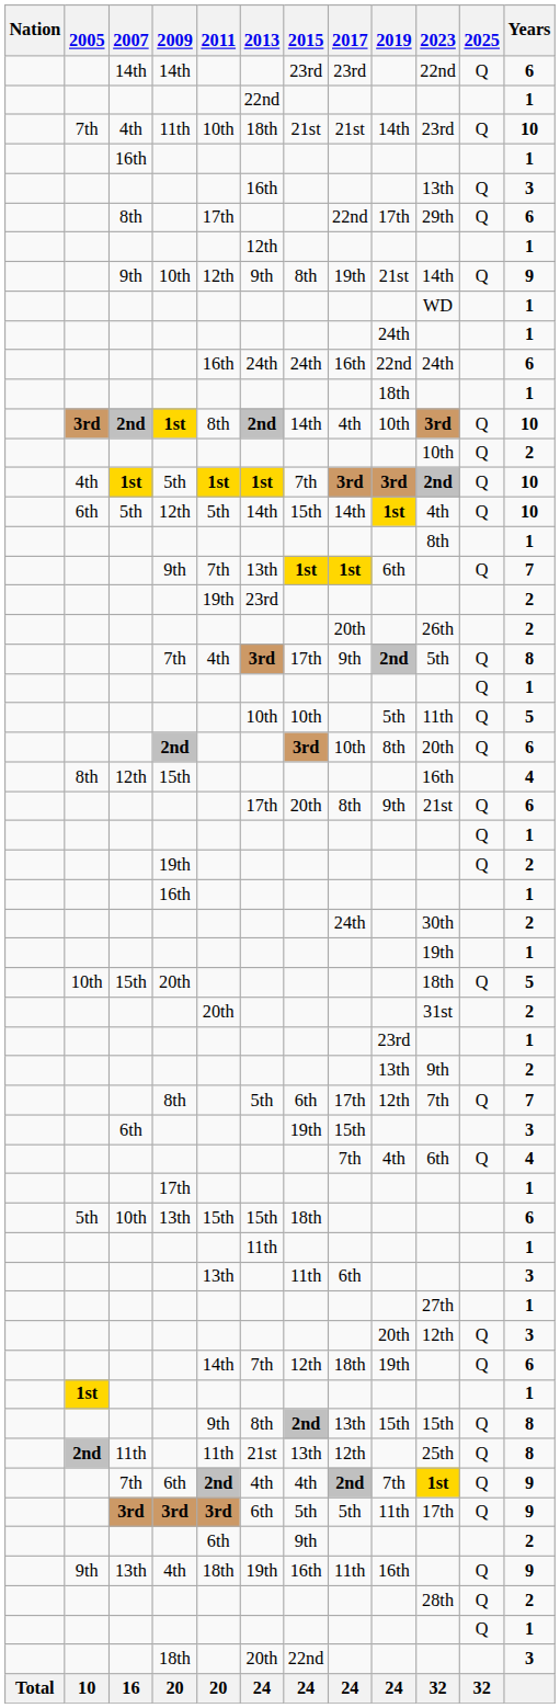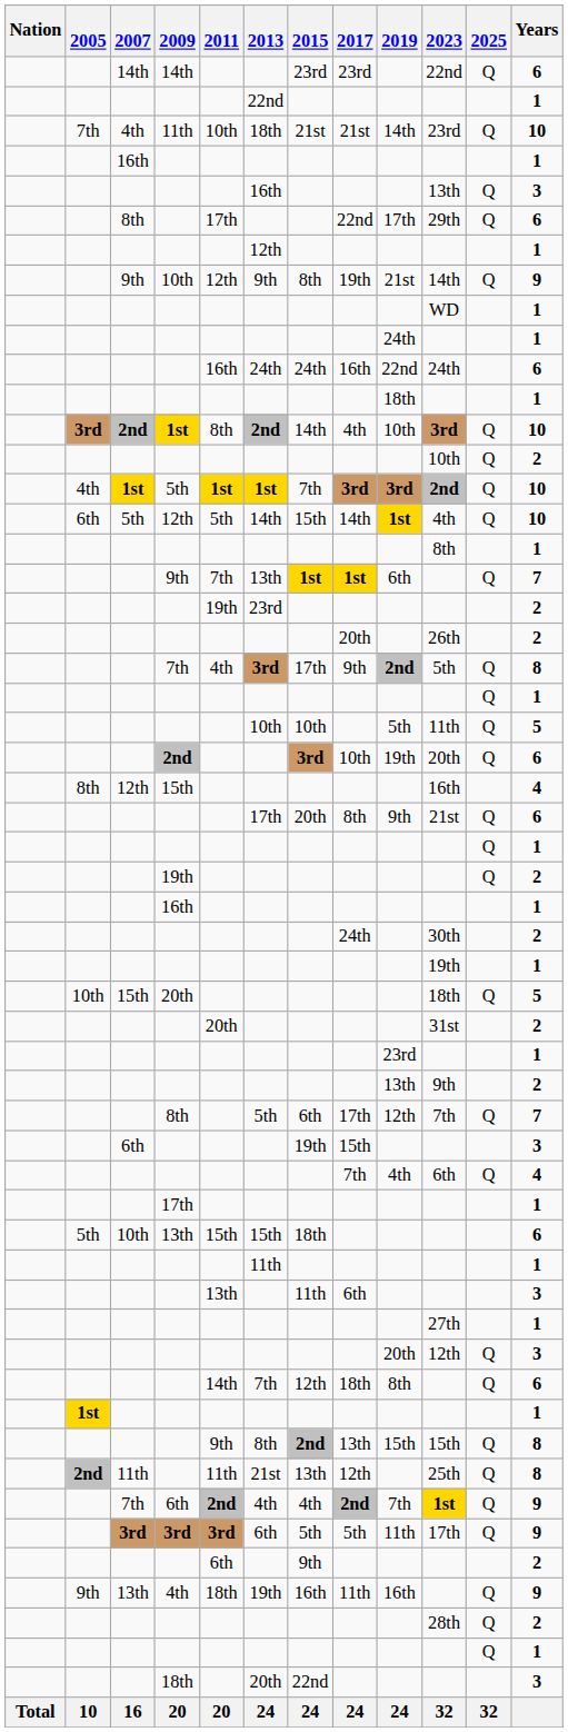 <table class="wikitable" style="text-align:center; font-size:90%">
 <tr>
 <th>Nation</th>
 <th><br><a href='#'>2005</a></th>
 <th><br><a href='#'>2007</a></th>
 <th><br><a href='#'>2009</a></th>
 <th><br><a href='#'>2011</a></th>
 <th><br><a href='#'>2013</a></th>
 <th><br><a href='#'>2015</a></th>
 <th><br><a href='#'>2017</a></th>
 <th><br><a href='#'>2019</a></th>
 <th><br><a href='#'>2023</a></th>
 <th><br><a href='#'>2025</a></th>
 <th>Years</th>
 </tr>
 <tr>
 <td align=left></td>
 <td></td>
 <td>14th</td>
 <td>14th</td>
 <td></td>
 <td></td>
 <td>23rd</td>
 <td>23rd</td>
 <td></td>
 <td>22nd</td>
 <td>Q</td>
 <td><strong>6</strong></td>
 </tr>
 <tr>
 <td align=left></td>
 <td></td>
 <td></td>
 <td></td>
 <td></td>
 <td>22nd</td>
 <td></td>
 <td></td>
 <td></td>
 <td></td>
 <td></td>
 <td><strong>1</strong></td>
 </tr>
 <tr>
 <td align=left></td>
 <td>7th</td>
 <td>4th</td>
 <td>11th</td>
 <td>10th</td>
 <td>18th</td>
 <td>21st</td>
 <td>21st</td>
 <td>14th</td>
 <td>23rd</td>
 <td>Q</td>
 <td><strong>10</strong></td>
 </tr>
 <tr>
 <td align=left></td>
 <td></td>
 <td>16th</td>
 <td></td>
 <td></td>
 <td></td>
 <td></td>
 <td></td>
 <td></td>
 <td></td>
 <td></td>
 <td><strong>1</strong></td>
 </tr>
 <tr>
 <td align=left></td>
 <td></td>
 <td></td>
 <td></td>
 <td></td>
 <td>16th</td>
 <td></td>
 <td></td>
 <td></td>
 <td>13th</td>
 <td>Q</td>
 <td><strong>3</strong></td>
 </tr>
 <tr>
 <td align=left></td>
 <td></td>
 <td>8th</td>
 <td></td>
 <td>17th</td>
 <td></td>
 <td></td>
 <td>22nd</td>
 <td>17th</td>
 <td>29th</td>
 <td>Q</td>
 <td><strong>6</strong></td>
 </tr>
 <tr>
 <td align=left></td>
 <td></td>
 <td></td>
 <td></td>
 <td></td>
 <td>12th</td>
 <td></td>
 <td></td>
 <td></td>
 <td></td>
 <td></td>
 <td><strong>1</strong></td>
 </tr>
 <tr>
 <td align=left></td>
 <td></td>
 <td>9th</td>
 <td>10th</td>
 <td>12th</td>
 <td>9th</td>
 <td>8th</td>
 <td>19th</td>
 <td>21st</td>
 <td>14th</td>
 <td>Q</td>
 <td><strong>9</strong></td>
 </tr>
 <tr>
 <td align=left></td>
 <td></td>
 <td></td>
 <td></td>
 <td></td>
 <td></td>
 <td></td>
 <td></td>
 <td></td>
 <td>WD</td>
 <td></td>
 <td><strong>1</strong></td>
 </tr>
 <tr>
 <td align=left></td>
 <td></td>
 <td></td>
 <td></td>
 <td></td>
 <td></td>
 <td></td>
 <td></td>
 <td>24th</td>
 <td></td>
 <td></td>
 <td><strong>1</strong></td>
 </tr>
 <tr>
 <td align=left></td>
 <td></td>
 <td></td>
 <td></td>
 <td>16th</td>
 <td>24th</td>
 <td>24th</td>
 <td>16th</td>
 <td>22nd</td>
 <td>24th</td>
 <td></td>
 <td><strong>6</strong></td>
 </tr>
 <tr>
 <td align=left></td>
 <td></td>
 <td></td>
 <td></td>
 <td></td>
 <td></td>
 <td></td>
 <td></td>
 <td>18th</td>
 <td></td>
 <td></td>
 <td><strong>1</strong></td>
 </tr>
 <tr>
 <td align=left></td>
 <td bgcolor=#cc9966><strong>3rd</strong></td>
 <td bgcolor=silver><strong>2nd</strong></td>
 <td bgcolor=gold><strong>1st</strong></td>
 <td>8th</td>
 <td bgcolor=silver><strong>2nd</strong></td>
 <td>14th</td>
 <td>4th</td>
 <td>10th</td>
 <td bgcolor=#cc9966><strong>3rd</strong></td>
 <td>Q</td>
 <td><strong>10</strong></td>
 </tr>
 <tr>
 <td align=left></td>
 <td></td>
 <td></td>
 <td></td>
 <td></td>
 <td></td>
 <td></td>
 <td></td>
 <td></td>
 <td>10th</td>
 <td>Q</td>
 <td><strong>2</strong></td>
 </tr>
 <tr>
 <td align=left></td>
 <td>4th</td>
 <td bgcolor=gold><strong>1st</strong></td>
 <td>5th</td>
 <td bgcolor=gold><strong>1st</strong></td>
 <td bgcolor=gold><strong>1st</strong></td>
 <td>7th</td>
 <td bgcolor=#cc9966><strong>3rd</strong></td>
 <td bgcolor=#cc9966><strong>3rd</strong></td>
 <td bgcolor=silver><strong>2nd</strong></td>
 <td>Q</td>
 <td><strong>10</strong></td>
 </tr>
 <tr>
 <td align=left></td>
 <td>6th</td>
 <td>5th</td>
 <td>12th</td>
 <td>5th</td>
 <td>14th</td>
 <td>15th</td>
 <td>14th</td>
 <td bgcolor=gold><strong>1st</strong></td>
 <td>4th</td>
 <td>Q</td>
 <td><strong>10</strong></td>
 </tr>
 <tr>
 <td align=left></td>
 <td></td>
 <td></td>
 <td></td>
 <td></td>
 <td></td>
 <td></td>
 <td></td>
 <td></td>
 <td>8th</td>
 <td></td>
 <td><strong>1</strong></td>
 </tr>
 <tr>
 <td align=left></td>
 <td></td>
 <td></td>
 <td>9th</td>
 <td>7th</td>
 <td>13th</td>
 <td bgcolor=gold><strong>1st</strong></td>
 <td bgcolor=gold><strong>1st</strong></td>
 <td>6th</td>
 <td></td>
 <td>Q</td>
 <td><strong>7</strong></td>
 </tr>
 <tr>
 <td align=left></td>
 <td></td>
 <td></td>
 <td></td>
 <td>19th</td>
 <td>23rd</td>
 <td></td>
 <td></td>
 <td></td>
 <td></td>
 <td></td>
 <td><strong>2</strong></td>
 </tr>
 <tr>
 <td align=left></td>
 <td></td>
 <td></td>
 <td></td>
 <td></td>
 <td></td>
 <td></td>
 <td>20th</td>
 <td></td>
 <td>26th</td>
 <td></td>
 <td><strong>2</strong></td>
 </tr>
 <tr>
 <td align=left></td>
 <td></td>
 <td></td>
 <td>7th</td>
 <td>4th</td>
 <td bgcolor=#cc9966><strong>3rd</strong></td>
 <td>17th</td>
 <td>9th</td>
 <td bgcolor=silver><strong>2nd</strong></td>
 <td>5th</td>
 <td>Q</td>
 <td><strong>8</strong></td>
 </tr>
 <tr>
 <td align=left></td>
 <td></td>
 <td></td>
 <td></td>
 <td></td>
 <td></td>
 <td></td>
 <td></td>
 <td></td>
 <td></td>
 <td>Q</td>
 <td><strong>1</strong></td>
 </tr>
 <tr>
 <td align=left></td>
 <td></td>
 <td></td>
 <td></td>
 <td></td>
 <td>10th</td>
 <td>10th</td>
 <td></td>
 <td>5th</td>
 <td>11th</td>
 <td>Q</td>
 <td><strong>5</strong></td>
 </tr>
 <tr>
 <td align=left></td>
 <td></td>
 <td></td>
 <td bgcolor=silver><strong>2nd</strong></td>
 <td></td>
 <td></td>
 <td bgcolor=#cc9966><strong>3rd</strong></td>
 <td>10th</td>
-<td>8th</td>
+<td>19th</td>
 <td>20th</td>
 <td>Q</td>
 <td><strong>6</strong></td>
 </tr>
 <tr>
 <td align=left></td>
 <td>8th</td>
 <td>12th</td>
 <td>15th</td>
 <td></td>
 <td></td>
 <td></td>
 <td></td>
 <td></td>
 <td>16th</td>
 <td></td>
 <td><strong>4</strong></td>
 </tr>
 <tr>
 <td align=left></td>
 <td></td>
 <td></td>
 <td></td>
 <td></td>
 <td>17th</td>
 <td>20th</td>
 <td>8th</td>
 <td>9th</td>
 <td>21st</td>
 <td>Q</td>
 <td><strong>6</strong></td>
 </tr>
 <tr>
 <td align=left></td>
 <td></td>
 <td></td>
 <td></td>
 <td></td>
 <td></td>
 <td></td>
 <td></td>
 <td></td>
 <td></td>
 <td>Q</td>
 <td><strong>1</strong></td>
 </tr>
 <tr>
 <td align=left></td>
 <td></td>
 <td></td>
 <td>19th</td>
 <td></td>
 <td></td>
 <td></td>
 <td></td>
 <td></td>
 <td></td>
 <td>Q</td>
 <td><strong>2</strong></td>
 </tr>
 <tr>
 <td align=left></td>
 <td></td>
 <td></td>
 <td>16th</td>
 <td></td>
 <td></td>
 <td></td>
 <td></td>
 <td></td>
 <td></td>
 <td></td>
 <td><strong>1</strong></td>
 </tr>
 <tr>
 <td align=left></td>
 <td></td>
 <td></td>
 <td></td>
 <td></td>
 <td></td>
 <td></td>
 <td>24th</td>
 <td></td>
 <td>30th</td>
 <td></td>
 <td><strong>2</strong></td>
 </tr>
 <tr>
 <td align=left></td>
 <td></td>
 <td></td>
 <td></td>
 <td></td>
 <td></td>
 <td></td>
 <td></td>
 <td></td>
 <td>19th</td>
 <td></td>
 <td><strong>1</strong></td>
 </tr>
 <tr>
 <td align=left></td>
 <td>10th</td>
 <td>15th</td>
 <td>20th</td>
 <td></td>
 <td></td>
 <td></td>
 <td></td>
 <td></td>
 <td>18th</td>
 <td>Q</td>
 <td><strong>5</strong></td>
 </tr>
 <tr>
 <td align=left></td>
 <td></td>
 <td></td>
 <td></td>
 <td>20th</td>
 <td></td>
 <td></td>
 <td></td>
 <td></td>
 <td>31st</td>
 <td></td>
 <td><strong>2</strong></td>
 </tr>
 <tr>
 <td align=left></td>
 <td></td>
 <td></td>
 <td></td>
 <td></td>
 <td></td>
 <td></td>
 <td></td>
 <td>23rd</td>
 <td></td>
 <td></td>
 <td><strong>1</strong></td>
 </tr>
 <tr>
 <td align=left></td>
 <td></td>
 <td></td>
 <td></td>
 <td></td>
 <td></td>
 <td></td>
 <td></td>
 <td>13th</td>
 <td>9th</td>
 <td></td>
 <td><strong>2</strong></td>
 </tr>
 <tr>
 <td align=left></td>
 <td></td>
 <td></td>
 <td>8th</td>
 <td></td>
 <td>5th</td>
 <td>6th</td>
 <td>17th</td>
 <td>12th</td>
 <td>7th</td>
 <td>Q</td>
 <td><strong>7</strong></td>
 </tr>
 <tr>
 <td align=left></td>
 <td></td>
 <td>6th</td>
 <td></td>
 <td></td>
 <td></td>
 <td>19th</td>
 <td>15th</td>
 <td></td>
 <td></td>
 <td></td>
 <td><strong>3</strong></td>
 </tr>
 <tr>
 <td align=left></td>
 <td></td>
 <td></td>
 <td></td>
 <td></td>
 <td></td>
 <td></td>
 <td>7th</td>
 <td>4th</td>
 <td>6th</td>
 <td>Q</td>
 <td><strong>4</strong></td>
 </tr>
 <tr>
 <td align=left></td>
 <td></td>
 <td></td>
 <td>17th</td>
 <td></td>
 <td></td>
 <td></td>
 <td></td>
 <td></td>
 <td></td>
 <td></td>
 <td><strong>1</strong></td>
 </tr>
 <tr>
 <td align=left></td>
 <td>5th</td>
 <td>10th</td>
 <td>13th</td>
 <td>15th</td>
 <td>15th</td>
 <td>18th</td>
 <td></td>
 <td></td>
 <td></td>
 <td></td>
 <td><strong>6</strong></td>
 </tr>
 <tr>
 <td align=left></td>
 <td></td>
 <td></td>
 <td></td>
 <td></td>
 <td>11th</td>
 <td></td>
 <td></td>
 <td></td>
 <td></td>
 <td></td>
 <td><strong>1</strong></td>
 </tr>
 <tr>
 <td align=left></td>
 <td></td>
 <td></td>
 <td></td>
 <td>13th</td>
 <td></td>
 <td>11th</td>
 <td>6th</td>
 <td></td>
 <td></td>
 <td></td>
 <td><strong>3</strong></td>
 </tr>
 <tr>
 <td align=left></td>
 <td></td>
 <td></td>
 <td></td>
 <td></td>
 <td></td>
 <td></td>
 <td></td>
 <td></td>
 <td>27th</td>
 <td></td>
 <td><strong>1</strong></td>
 </tr>
 <tr>
 <td align=left></td>
 <td></td>
 <td></td>
 <td></td>
 <td></td>
 <td></td>
 <td></td>
 <td></td>
 <td>20th</td>
 <td>12th</td>
 <td>Q</td>
 <td><strong>3</strong></td>
 </tr>
 <tr>
 <td align=left></td>
 <td></td>
 <td></td>
 <td></td>
 <td>14th</td>
 <td>7th</td>
 <td>12th</td>
 <td>18th</td>
-<td>19th</td>
+<td>8th</td>
 <td></td>
 <td>Q</td>
 <td><strong>6</strong></td>
 </tr>
 <tr>
 <td align=left><em></em></td>
 <td bgcolor=gold><strong>1st</strong></td>
 <td></td>
 <td></td>
 <td></td>
 <td></td>
 <td></td>
 <td></td>
 <td></td>
 <td></td>
 <td></td>
 <td><strong>1</strong></td>
 </tr>
 <tr>
 <td align=left></td>
 <td></td>
 <td></td>
 <td></td>
 <td>9th</td>
 <td>8th</td>
 <td bgcolor=silver><strong>2nd</strong></td>
 <td>13th</td>
 <td>15th</td>
 <td>15th</td>
 <td>Q</td>
 <td><strong>8</strong></td>
 </tr>
 <tr>
 <td align=left></td>
 <td bgcolor=silver><strong>2nd</strong></td>
 <td>11th</td>
 <td></td>
 <td>11th</td>
 <td>21st</td>
 <td>13th</td>
 <td>12th</td>
 <td></td>
 <td>25th</td>
 <td>Q</td>
 <td><strong>8</strong></td>
 </tr>
 <tr>
 <td align=left></td>
 <td></td>
 <td>7th</td>
 <td>6th</td>
 <td bgcolor=silver><strong>2nd</strong></td>
 <td>4th</td>
 <td>4th</td>
 <td bgcolor=silver><strong>2nd</strong></td>
 <td>7th</td>
 <td bgcolor=gold><strong>1st</strong></td>
 <td>Q</td>
 <td><strong>9</strong></td>
 </tr>
 <tr>
 <td align=left></td>
 <td></td>
 <td bgcolor=#cc9966><strong>3rd</strong></td>
 <td bgcolor=#cc9966><strong>3rd</strong></td>
 <td bgcolor=#cc9966><strong>3rd</strong></td>
 <td>6th</td>
 <td>5th</td>
 <td>5th</td>
 <td>11th</td>
 <td>17th</td>
 <td>Q</td>
 <td><strong>9</strong></td>
 </tr>
 <tr>
 <td align=left></td>
 <td></td>
 <td></td>
 <td></td>
 <td>6th</td>
 <td></td>
 <td>9th</td>
 <td></td>
 <td></td>
 <td></td>
 <td></td>
 <td><strong>2</strong></td>
 </tr>
 <tr>
 <td align=left></td>
 <td>9th</td>
 <td>13th</td>
 <td>4th</td>
 <td>18th</td>
 <td>19th</td>
 <td>16th</td>
 <td>11th</td>
 <td>16th</td>
 <td></td>
 <td>Q</td>
 <td><strong>9</strong></td>
 </tr>
 <tr>
 <td align=left></td>
 <td></td>
 <td></td>
 <td></td>
 <td></td>
 <td></td>
 <td></td>
 <td></td>
 <td></td>
 <td>28th</td>
 <td>Q</td>
 <td><strong>2</strong></td>
 </tr>
 <tr>
 <td align=left></td>
 <td></td>
 <td></td>
 <td></td>
 <td></td>
 <td></td>
 <td></td>
 <td></td>
 <td></td>
 <td></td>
 <td>Q</td>
 <td><strong>1</strong></td>
 </tr>
 <tr>
 <td align=left></td>
 <td></td>
 <td></td>
 <td>18th</td>
 <td></td>
 <td>20th</td>
 <td>22nd</td>
 <td></td>
 <td></td>
 <td></td>
 <td></td>
 <td><strong>3</strong></td>
 </tr>
 <tr>
 <th>Total</th>
 <th>10</th>
 <th>16</th>
 <th>20</th>
 <th>20</th>
 <th>24</th>
 <th>24</th>
 <th>24</th>
 <th>24</th>
 <th>32</th>
 <th>32</th>
 <th></th>
 </tr>
 </table>
